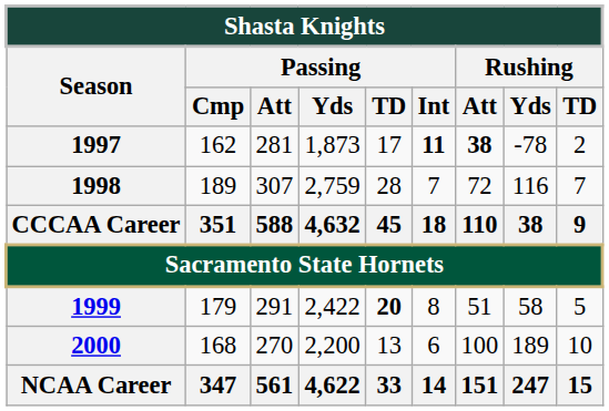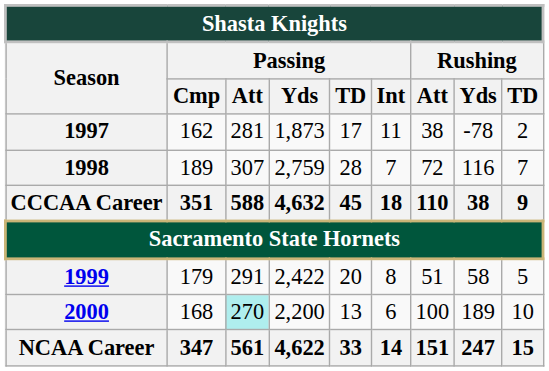 <table class=wikitable style="text-align:center;">
 <tr>
 <th colspan="12" style="background:#18453B; border:2px solid silver; color:white;">Shasta Knights</th>
 </tr>
 <tr>
 <th rowspan="2">Season</th>
 <th colspan="5">Passing</th>
 <th colspan="3">Rushing</th>
 </tr>
 <tr>
 <th>Cmp</th>
 <th>Att</th>
 <th>Yds</th>
 <th>TD</th>
 <th>Int</th>
 <th>Att</th>
 <th>Yds</th>
 <th>TD</th>
 </tr>
 <tr>
 <th>1997</th>
 <td>162</td>
 <td>281</td>
 <td>1,873</td>
 <td>17</td>
-<td><strong>11</strong></td>
-<td><strong>38</strong></td>
+<td>11</td>
+<td>38</td>
 <td>-78</td>
 <td>2</td>
 </tr>
 <tr>
 <th>1998</th>
 <td>189</td>
 <td>307</td>
 <td>2,759</td>
 <td>28</td>
 <td>7</td>
 <td>72</td>
 <td>116</td>
 <td>7</td>
 </tr>
 <tr>
 <th>CCCAA Career</th>
 <th>351</th>
 <th>588</th>
 <th>4,632</th>
 <th>45</th>
 <th>18</th>
 <th>110</th>
 <th>38</th>
 <th>9</th>
 </tr>
 <tr>
 <th colspan="12" style="background: #00563C; border: 2px solid #CAB577; color:white;">Sacramento State Hornets</th>
 </tr>
 <tr>
 <th><a href='#'>1999</a></th>
 <td>179</td>
 <td>291</td>
 <td>2,422</td>
-<td><strong>20</strong></td>
+<td>20</td>
 <td>8</td>
 <td>51</td>
 <td>58</td>
 <td>5</td>
 </tr>
 <tr>
 <th><a href='#'>2000</a></th>
 <td>168</td>
-<td>270</td>
+<td style="background: paleturquoise;">270</td>
 <td>2,200</td>
 <td>13</td>
 <td>6</td>
 <td>100</td>
 <td>189</td>
 <td>10</td>
 </tr>
 <tr>
 <th>NCAA Career</th>
 <th>347</th>
 <th>561</th>
 <th>4,622</th>
 <th>33</th>
 <th>14</th>
 <th>151</th>
 <th>247</th>
 <th>15</th>
 </tr>
 </table>
